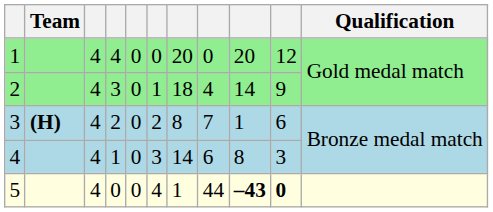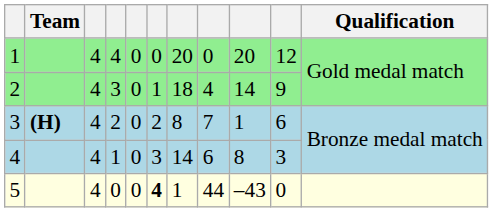 <table class="wikitable">
 <tr>
 <th></th>
 <th>Team</th>
 <th></th>
 <th></th>
 <th></th>
 <th></th>
 <th></th>
 <th></th>
 <th></th>
 <th></th>
 <th>Qualification</th>
 </tr>
 <tr bgcolor=lightgreen>
 <td>1</td>
 <td></td>
 <td>4</td>
 <td>4</td>
 <td>0</td>
 <td>0</td>
 <td>20</td>
 <td>0</td>
 <td>20</td>
 <td>12</td>
 <td rowspan=2>Gold medal match</td>
 </tr>
 <tr bgcolor=lightgreen>
 <td>2</td>
 <td></td>
 <td>4</td>
 <td>3</td>
 <td>0</td>
 <td>1</td>
 <td>18</td>
 <td>4</td>
 <td>14</td>
 <td>9</td>
 </tr>
 <tr bgcolor=lightblue>
 <td>3</td>
 <td> <strong>(H)</strong></td>
 <td>4</td>
 <td>2</td>
 <td>0</td>
 <td>2</td>
 <td>8</td>
 <td>7</td>
 <td>1</td>
 <td>6</td>
 <td rowspan=2>Bronze medal match</td>
 </tr>
 <tr bgcolor=lightblue>
 <td>4</td>
 <td></td>
 <td>4</td>
 <td>1</td>
 <td>0</td>
 <td>3</td>
 <td>14</td>
 <td>6</td>
 <td>8</td>
 <td>3</td>
 </tr>
 <tr bgcolor=lightyellow>
 <td>5</td>
 <td></td>
 <td>4</td>
 <td>0</td>
 <td>0</td>
-<td>4</td>
+<td><strong>4</strong></td>
 <td>1</td>
 <td>44</td>
-<td><strong>–43</strong></td>
-<td><strong>0</strong></td>
+<td>–43</td>
+<td>0</td>
 <td></td>
 </tr>
 </table>
